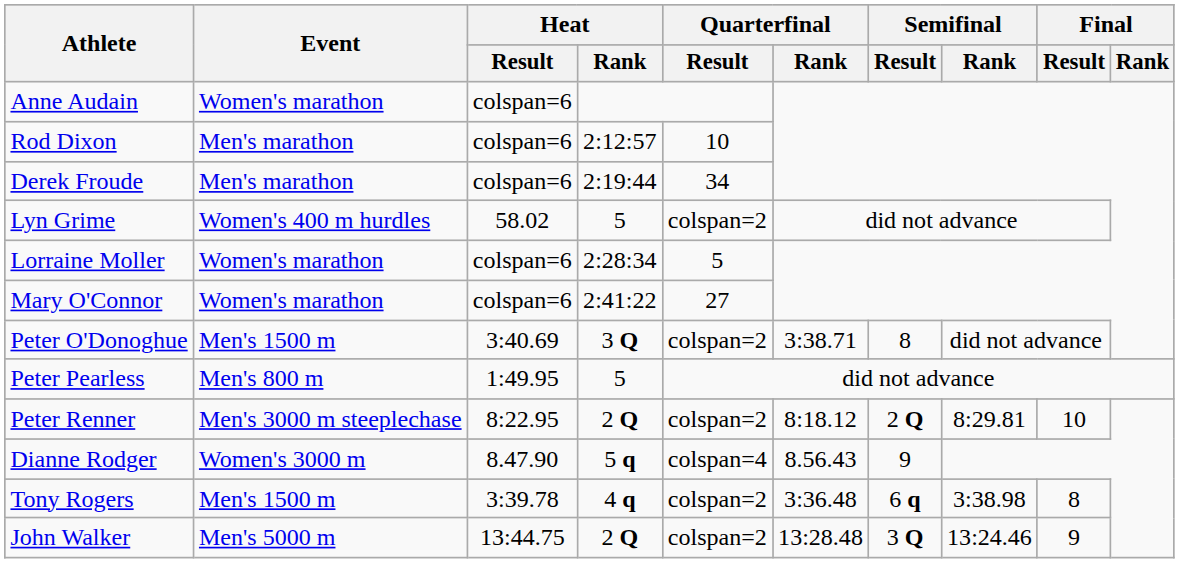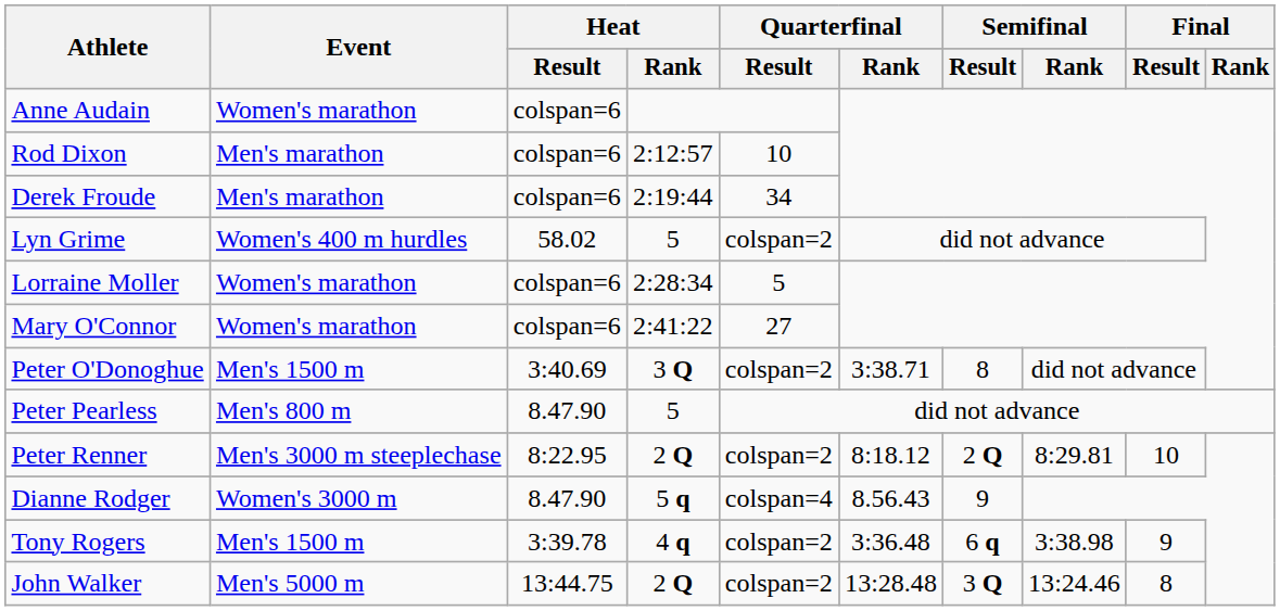 <table class=wikitable style=font-size:90%>
 <tr>
 <th rowspan=2>Athlete</th>
 <th rowspan=2>Event</th>
 <th colspan=2>Heat</th>
 <th colspan=2>Quarterfinal</th>
 <th colspan=2>Semifinal</th>
 <th colspan=2>Final</th>
 </tr>
 <tr style=font-size:95%>
 <th>Result</th>
 <th>Rank</th>
 <th>Result</th>
 <th>Rank</th>
 <th>Result</th>
 <th>Rank</th>
 <th>Result</th>
 <th>Rank</th>
 </tr>
 <tr align=center>
 <td align=left><a href='#'>Anne Audain</a></td>
 <td align=left><a href='#'>Women's marathon</a></td>
 <td>colspan=6 </td>
 <td colspan=2></td>
 </tr>
 <tr align=center>
 <td align=left><a href='#'>Rod Dixon</a></td>
 <td align=left><a href='#'>Men's marathon</a></td>
 <td>colspan=6 </td>
 <td>2:12:57</td>
 <td>10</td>
 </tr>
 <tr align=center>
 <td align=left><a href='#'>Derek Froude</a></td>
 <td align=left><a href='#'>Men's marathon</a></td>
 <td>colspan=6 </td>
 <td>2:19:44</td>
 <td>34</td>
 </tr>
 <tr align=center>
 <td align=left><a href='#'>Lyn Grime</a></td>
 <td align=left><a href='#'>Women's 400 m hurdles</a></td>
 <td>58.02</td>
 <td>5</td>
 <td>colspan=2 </td>
 <td colspan=4>did not advance</td>
 </tr>
 <tr align=center>
 <td align=left><a href='#'>Lorraine Moller</a></td>
 <td align=left><a href='#'>Women's marathon</a></td>
 <td>colspan=6 </td>
 <td>2:28:34</td>
 <td>5</td>
 </tr>
 <tr align=center>
 <td align=left><a href='#'>Mary O'Connor</a></td>
 <td align=left><a href='#'>Women's marathon</a></td>
 <td>colspan=6 </td>
 <td>2:41:22</td>
 <td>27</td>
 </tr>
 <tr align=center>
 <td align=left><a href='#'>Peter O'Donoghue</a></td>
 <td align=left><a href='#'>Men's 1500 m</a></td>
 <td>3:40.69</td>
 <td>3 <strong>Q</strong></td>
 <td>colspan=2 </td>
 <td>3:38.71</td>
 <td>8</td>
 <td colspan=2>did not advance</td>
 </tr>
 <tr align=center>
 <td align=left><a href='#'>Peter Pearless</a></td>
 <td align=left><a href='#'>Men's 800 m</a></td>
-<td>1:49.95</td>
+<td>8.47.90</td>
 <td>5</td>
 <td colspan=6>did not advance</td>
 </tr>
 <tr align=center>
 <td align=left><a href='#'>Peter Renner</a></td>
 <td align=left><a href='#'>Men's 3000 m steeplechase</a></td>
 <td>8:22.95</td>
 <td>2 <strong>Q</strong></td>
 <td>colspan=2 </td>
 <td>8:18.12</td>
 <td>2 <strong>Q</strong></td>
 <td>8:29.81</td>
 <td>10</td>
 </tr>
 <tr align=center>
 <td align=left><a href='#'>Dianne Rodger</a></td>
 <td align=left><a href='#'>Women's 3000 m</a></td>
 <td>8.47.90</td>
 <td>5 <strong>q</strong></td>
 <td>colspan=4 </td>
 <td>8.56.43</td>
 <td>9</td>
 </tr>
 <tr align=center>
 <td align=left><a href='#'>Tony Rogers</a></td>
 <td align=left><a href='#'>Men's 1500 m</a></td>
 <td>3:39.78</td>
 <td>4 <strong>q</strong></td>
 <td>colspan=2 </td>
 <td>3:36.48</td>
 <td>6 <strong>q</strong></td>
 <td>3:38.98</td>
-<td>8</td>
+<td>9</td>
 </tr>
 <tr align=center>
 <td align=left><a href='#'>John Walker</a></td>
 <td align=left><a href='#'>Men's 5000 m</a></td>
 <td>13:44.75</td>
 <td>2 <strong>Q</strong></td>
 <td>colspan=2 </td>
 <td>13:28.48</td>
 <td>3 <strong>Q</strong></td>
 <td>13:24.46</td>
-<td>9</td>
+<td>8</td>
 </tr>
 </table>
